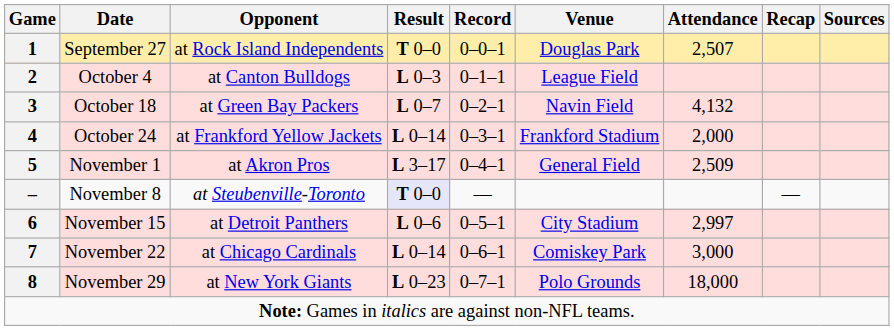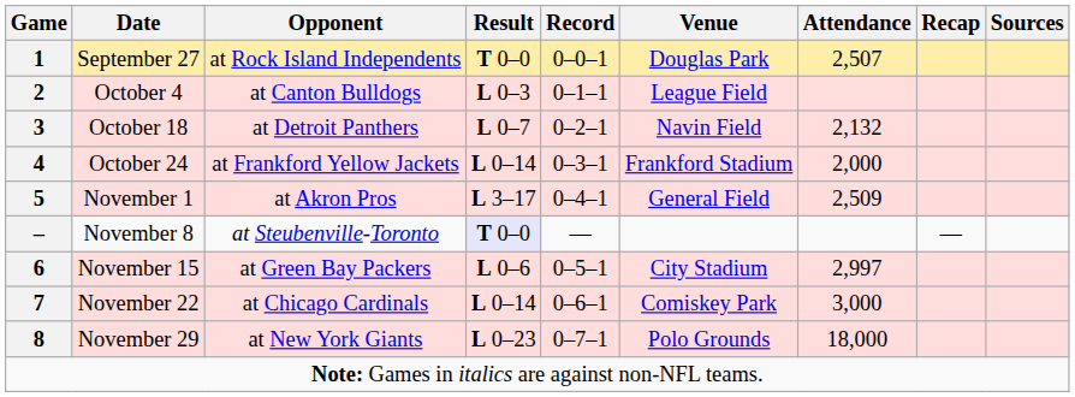 <table class="wikitable" style="text-align:center">
 <tr>
 <th>Game</th>
 <th>Date</th>
 <th>Opponent</th>
 <th>Result</th>
 <th>Record</th>
 <th>Venue</th>
 <th>Attendance</th>
 <th>Recap</th>
 <th>Sources</th>
 </tr>
 <tr style="background: #ffeeaa;">
 <th>1</th>
 <td>September 27</td>
 <td>at <a href='#'>Rock Island Independents</a></td>
 <td><strong>T</strong> 0–0</td>
 <td>0–0–1</td>
 <td><a href='#'>Douglas Park</a></td>
 <td>2,507 </td>
 <td></td>
 <td></td>
 </tr>
 <tr style="background: #ffdddd;">
 <th>2</th>
 <td>October 4</td>
 <td>at <a href='#'>Canton Bulldogs</a></td>
 <td><strong>L</strong> 0–3</td>
 <td>0–1–1</td>
 <td><a href='#'>League Field</a></td>
 <td></td>
 <td></td>
 <td></td>
 </tr>
 <tr style="background: #ffdddd;">
 <th>3</th>
 <td>October 18</td>
-<td>at <a href='#'>Green Bay Packers</a></td>
+<td>at <a href='#'>Detroit Panthers</a></td>
 <td><strong>L</strong> 0–7</td>
 <td>0–2–1</td>
 <td><a href='#'>Navin Field</a></td>
-<td>4,132</td>
+<td>2,132</td>
 <td></td>
 <td></td>
 </tr>
 <tr style="background: #ffdddd;">
 <th>4</th>
 <td>October 24</td>
 <td>at <a href='#'>Frankford Yellow Jackets</a></td>
 <td><strong>L</strong> 0–14</td>
 <td>0–3–1</td>
 <td><a href='#'>Frankford Stadium</a></td>
 <td>2,000</td>
 <td></td>
 <td></td>
 </tr>
 <tr style="background: #ffdddd;">
 <th>5</th>
 <td>November 1</td>
 <td>at <a href='#'>Akron Pros</a></td>
 <td><strong>L</strong> 3–17</td>
 <td>0–4–1</td>
 <td><a href='#'>General Field</a></td>
 <td style="text-align: center;">2,509</td>
 <td></td>
 <td></td>
 </tr>
 <tr>
 <th>–</th>
 <td>November 8</td>
 <td><em>at <a href='#'>Steubenville</a>-<a href='#'>Toronto</a></em></td>
 <td style="background: lavender;"><strong>T</strong> 0–0</td>
 <td>—</td>
 <td></td>
 <td></td>
 <td>—</td>
 <td></td>
 </tr>
 <tr style="background: #ffdddd;">
 <th>6</th>
 <td>November 15</td>
-<td>at <a href='#'>Detroit Panthers</a></td>
+<td>at <a href='#'>Green Bay Packers</a></td>
 <td><strong>L</strong> 0–6</td>
 <td>0–5–1</td>
 <td><a href='#'>City Stadium</a></td>
 <td>2,997</td>
 <td></td>
 <td></td>
 </tr>
 <tr style="background: #ffdddd;">
 <th>7</th>
 <td>November 22</td>
 <td>at <a href='#'>Chicago Cardinals</a></td>
 <td><strong>L</strong> 0–14</td>
 <td>0–6–1</td>
 <td><a href='#'>Comiskey Park</a></td>
 <td>3,000</td>
 <td></td>
 <td></td>
 </tr>
 <tr style="background: #ffdddd;">
 <th>8</th>
 <td>November 29</td>
 <td>at <a href='#'>New York Giants</a></td>
 <td><strong>L</strong> 0–23</td>
 <td>0–7–1</td>
 <td><a href='#'>Polo Grounds</a></td>
 <td>18,000</td>
 <td></td>
 <td></td>
 </tr>
 <tr>
 <td colspan="10"><strong>Note:</strong> Games in <em>italics</em> are against non-NFL teams.</td>
 </tr>
 </table>
